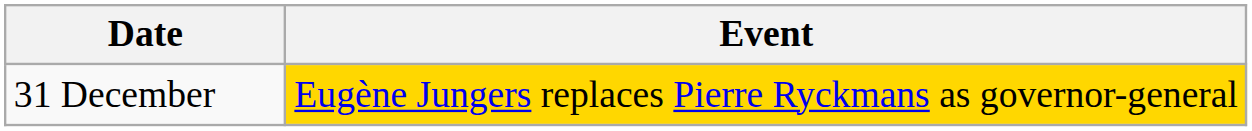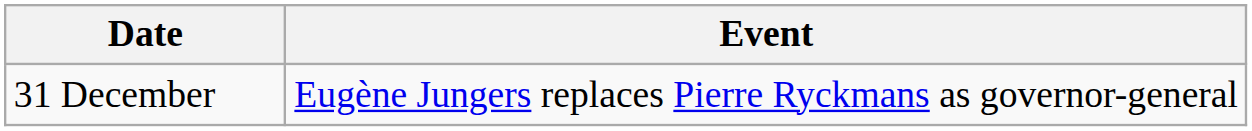 <table class=wikitable>
 <tr>
 <th style="width:7em">Date</th>
 <th>Event</th>
 </tr>
 <tr>
 <td>31 December</td>
-<td style="background: gold;"><a href='#'>Eugène Jungers</a> replaces <a href='#'>Pierre Ryckmans</a> as governor-general</td>
+<td><a href='#'>Eugène Jungers</a> replaces <a href='#'>Pierre Ryckmans</a> as governor-general</td>
 </tr>
 </table>
